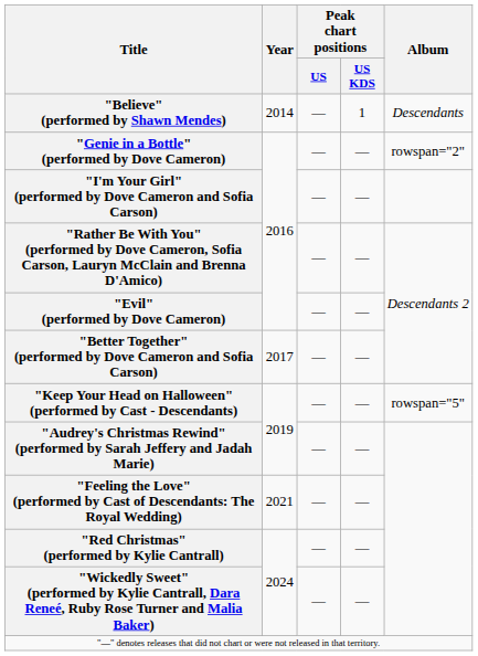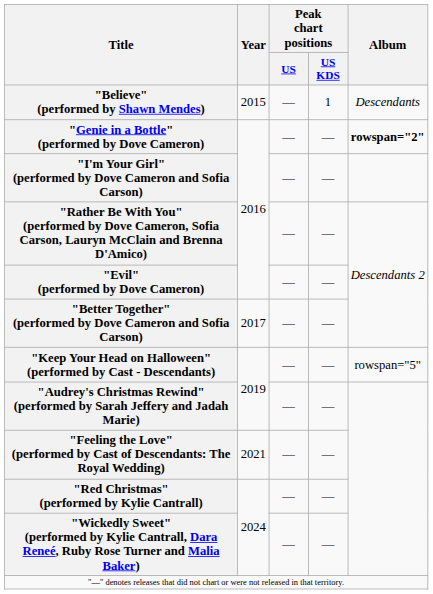 <table class="wikitable plainrowheaders" style="text-align:center">
 <tr>
 <th scope="col" rowspan="2" style="width:18em;">Title</th>
 <th scope="col" rowspan="2">Year</th>
 <th scope="col" colspan="2">Peak <br>chart <br>positions</th>
 <th scope="col" rowspan="2">Album</th>
 </tr>
 <tr>
 <th scope="col" style="width:3em;font-size:90%;"><a href='#'>US</a></th>
 <th scope="col" style="width:3em;font-size:90%;"><a href='#'>US <br>KDS</a></th>
 </tr>
 <tr>
 <th scope="row">"Believe" <br><span>(performed by <a href='#'>Shawn Mendes</a>)</span></th>
-<td>2014</td>
+<td>2015</td>
 <td>—</td>
 <td>1</td>
 <td><em>Descendants</em></td>
 </tr>
 <tr>
 <th scope="row">"<a href='#'>Genie in a Bottle</a>" <br><span>(performed by Dove Cameron)</span></th>
 <td rowspan="4">2016</td>
 <td>—</td>
 <td>—</td>
-<td>rowspan="2" </td>
+<td><strong>rowspan="2" </strong></td>
 </tr>
 <tr>
 <th scope="row">"I'm Your Girl"<br><span>(performed by Dove Cameron and Sofia Carson)</span></th>
 <td>—</td>
 <td>—</td>
 </tr>
 <tr>
 <th scope="row">"Rather Be With You"<br><span>(performed by Dove Cameron, Sofia Carson, Lauryn McClain and Brenna D'Amico)</span></th>
 <td>—</td>
 <td>—</td>
 <td rowspan="3"><em>Descendants 2</em></td>
 </tr>
 <tr>
 <th scope="row">"Evil"<br><span>(performed by Dove Cameron)</span></th>
 <td>—</td>
 <td>—</td>
 </tr>
 <tr>
 <th scope="row">"Better Together"<br><span>(performed by Dove Cameron and Sofia Carson)</span></th>
 <td>2017</td>
 <td>—</td>
 <td>—</td>
 </tr>
 <tr>
 <th scope="row">"Keep Your Head on Halloween"<br><span>(performed by Cast - Descendants)</span></th>
 <td rowspan="2">2019</td>
 <td>—</td>
 <td>—</td>
 <td>rowspan="5" </td>
 </tr>
 <tr>
 <th scope="row">"Audrey's Christmas Rewind"<br><span>(performed by Sarah Jeffery and Jadah Marie)</span></th>
 <td>—</td>
 <td>—</td>
 </tr>
 <tr>
 <th scope="row">"Feeling the Love"<br><span>(performed by Cast of Descendants: The Royal Wedding)</span></th>
 <td>2021</td>
 <td>—</td>
 <td>—</td>
 </tr>
 <tr>
 <th scope="row">"Red Christmas"<br><span>(performed by Kylie Cantrall)</span></th>
 <td rowspan="2">2024</td>
 <td>—</td>
 <td>—</td>
 </tr>
 <tr>
 <th scope="row">"Wickedly Sweet"<br><span>(performed by Kylie Cantrall, <a href='#'>Dara Reneé</a>, Ruby Rose Turner and <a href='#'>Malia Baker</a>)</span></th>
 <td>—</td>
 <td>—</td>
 </tr>
 <tr>
 <td align="center" colspan="5" style="font-size:8pt">"—" denotes releases that did not chart or were not released in that territory.</td>
 </tr>
 </table>
